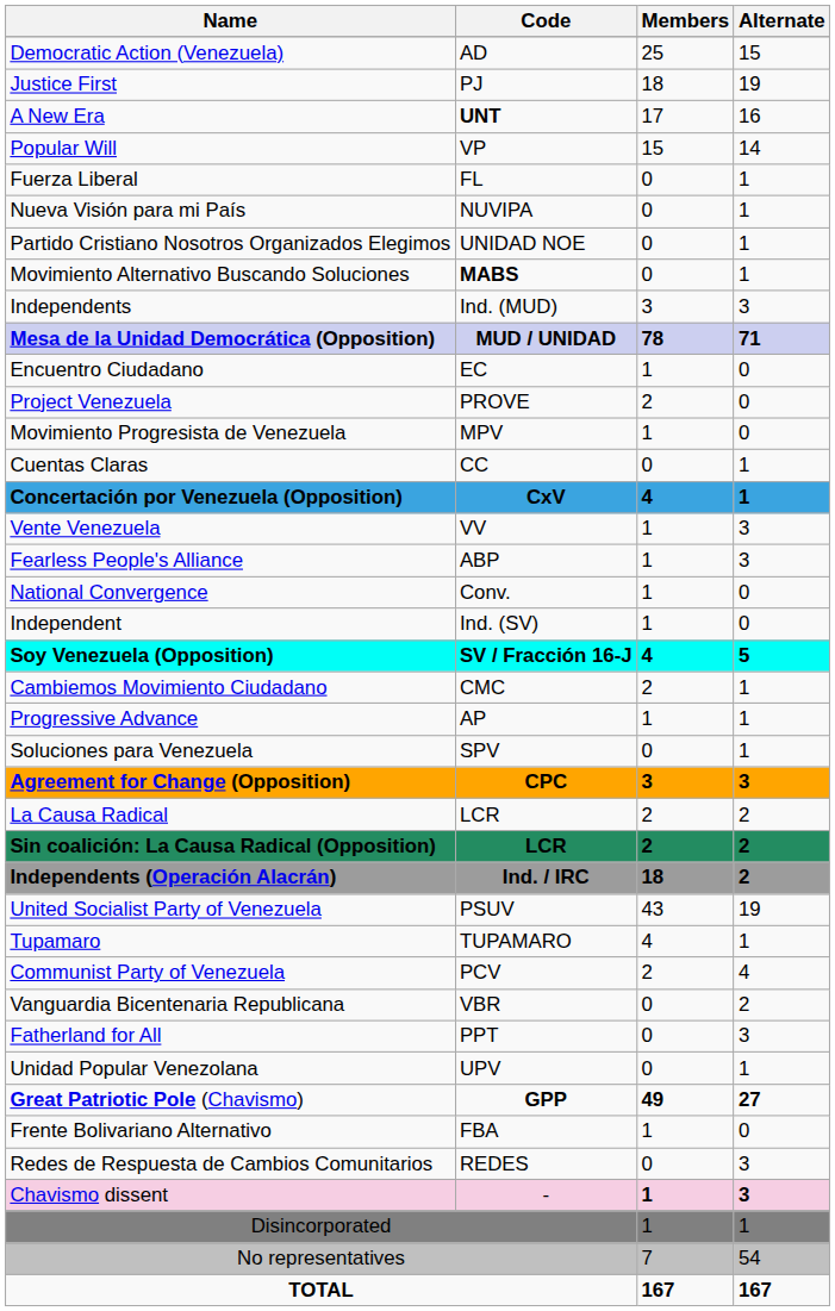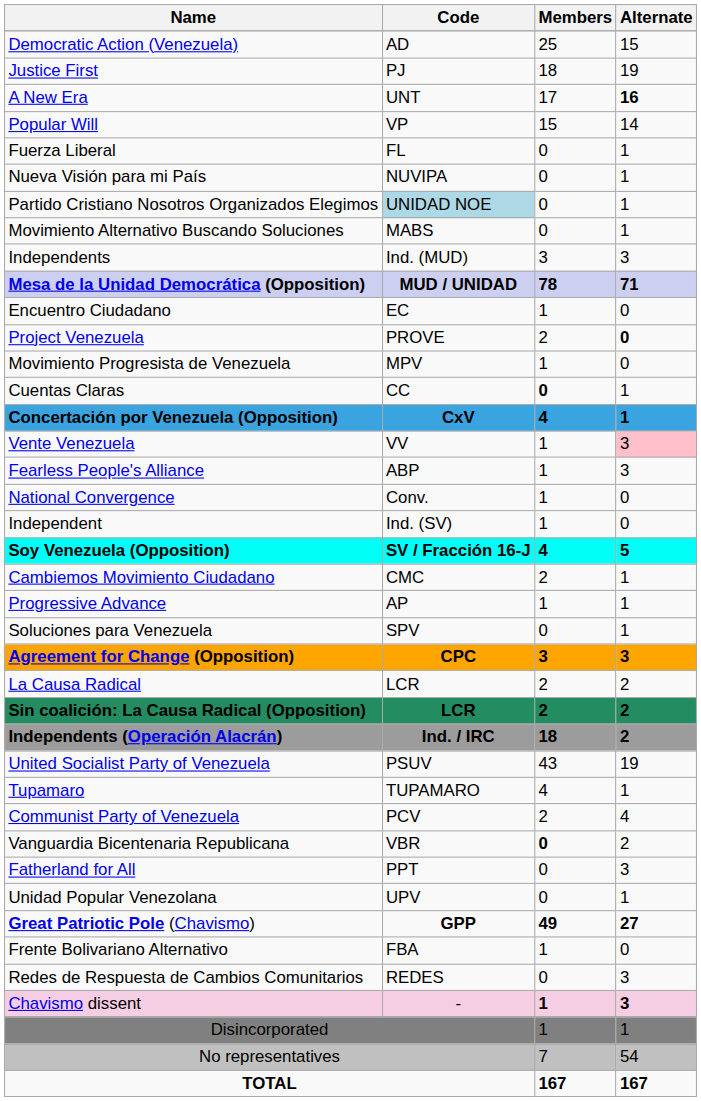 <table class="wikitable">
 <tr>
 <th>Name</th>
 <th>Code</th>
 <th>Members</th>
 <th>Alternate</th>
 </tr>
 <tr>
 </tr>
 <tr>
 <td><a href='#'>Democratic Action (Venezuela)</a></td>
 <td>AD</td>
 <td>25</td>
 <td>15</td>
 </tr>
 <tr>
 <td><a href='#'>Justice First</a></td>
 <td>PJ</td>
 <td>18</td>
 <td>19</td>
 </tr>
 <tr>
 <td><a href='#'>A New Era</a></td>
-<td><strong>UNT</strong></td>
+<td>UNT</td>
 <td>17</td>
-<td>16</td>
+<td><strong>16</strong></td>
 </tr>
 <tr>
 <td><a href='#'>Popular Will</a></td>
 <td>VP</td>
 <td>15</td>
 <td>14</td>
 </tr>
 <tr>
 <td>Fuerza Liberal</td>
 <td>FL</td>
 <td>0</td>
 <td>1</td>
 </tr>
 <tr>
 <td>Nueva Visión para mi País</td>
 <td>NUVIPA</td>
 <td>0</td>
 <td>1</td>
 </tr>
 <tr>
 <td>Partido Cristiano Nosotros Organizados Elegimos</td>
-<td>UNIDAD NOE</td>
+<td style="background: lightblue;">UNIDAD NOE</td>
 <td>0</td>
 <td>1</td>
 </tr>
 <tr>
 <td>Movimiento Alternativo Buscando Soluciones</td>
-<td><strong>MABS</strong></td>
+<td>MABS</td>
 <td>0</td>
 <td>1</td>
 </tr>
 <tr>
 <td>Independents</td>
 <td>Ind. (MUD)</td>
 <td>3</td>
 <td>3</td>
 </tr>
 <tr bgcolor=#cccff>
 <td><strong><a href='#'>Mesa de la Unidad Democrática</a></strong>  <strong>(Opposition)</strong></td>
 <td align="center"><strong>MUD / UNIDAD</strong></td>
 <td><strong>78</strong></td>
 <td><strong>71</strong></td>
 </tr>
 <tr>
 <td>Encuentro Ciudadano</td>
 <td>EC</td>
 <td>1</td>
 <td>0</td>
 </tr>
 <tr>
 <td><a href='#'>Project Venezuela</a></td>
 <td>PROVE</td>
 <td>2</td>
-<td>0</td>
+<td><strong>0</strong></td>
 </tr>
 <tr>
 <td>Movimiento Progresista de Venezuela</td>
 <td>MPV</td>
 <td>1</td>
 <td>0</td>
 </tr>
 <tr>
 <td>Cuentas Claras</td>
 <td>CC</td>
-<td>0</td>
+<td><strong>0</strong></td>
 <td>1</td>
 </tr>
 <tr bgcolor="#3AA4E0">
 <td><strong>Concertación por Venezuela (Opposition)</strong></td>
 <td align="center"><strong>CxV</strong></td>
 <td><strong>4</strong></td>
 <td><strong>1</strong></td>
 </tr>
 <tr>
 <td><a href='#'>Vente Venezuela</a></td>
 <td>VV</td>
 <td>1</td>
-<td>3</td>
+<td style="background: pink;">3</td>
 </tr>
 <tr>
 <td><a href='#'>Fearless People's Alliance</a></td>
 <td>ABP</td>
 <td>1</td>
 <td>3</td>
 </tr>
 <tr>
 <td><a href='#'>National Convergence</a></td>
 <td>Conv.</td>
 <td>1</td>
 <td>0</td>
 </tr>
 <tr>
 <td>Independent</td>
 <td>Ind. (SV)</td>
 <td>1</td>
 <td>0</td>
 </tr>
 <tr bgcolor="#00FFF7">
 <td><strong>Soy Venezuela (Opposition)</strong></td>
 <td align="center"><strong>SV / Fracción 16-J </strong></td>
 <td><strong>4</strong></td>
 <td><strong>5</strong></td>
 </tr>
 <tr>
 <td><a href='#'>Cambiemos Movimiento Ciudadano</a></td>
 <td>CMC</td>
 <td>2</td>
 <td>1</td>
 </tr>
 <tr>
 <td><a href='#'>Progressive Advance</a></td>
 <td>AP</td>
 <td>1</td>
 <td>1</td>
 </tr>
 <tr>
 <td>Soluciones para Venezuela</td>
 <td>SPV</td>
 <td>0</td>
 <td>1</td>
 </tr>
 <tr bgcolor="#FFA500">
 <td><strong><a href='#'>Agreement for Change</a> (Opposition)</strong></td>
 <td align="center"><strong>CPC</strong></td>
 <td><strong>3</strong></td>
 <td><strong>3</strong></td>
 </tr>
 <tr>
 <td><a href='#'>La Causa Radical</a></td>
 <td>LCR</td>
 <td>2</td>
 <td>2</td>
 </tr>
 <tr bgcolor="#238C61">
 <td><strong>Sin coalición: La Causa Radical (Opposition)</strong></td>
 <td align="center"><strong>LCR</strong></td>
 <td><strong>2</strong></td>
 <td><strong>2</strong></td>
 </tr>
 <tr bgcolor="#9c9c9c">
 <td><strong>Independents  (<a href='#'>Operación Alacrán</a>)</strong></td>
 <td align="center"><strong> Ind. / IRC</strong></td>
 <td><strong>18</strong></td>
 <td><strong>2</strong></td>
 </tr>
 <tr>
 <td><a href='#'>United Socialist Party of Venezuela</a></td>
 <td>PSUV</td>
 <td>43</td>
 <td>19</td>
 </tr>
 <tr>
 <td><a href='#'>Tupamaro</a></td>
 <td>TUPAMARO</td>
 <td>4</td>
 <td>1</td>
 </tr>
 <tr>
 <td><a href='#'>Communist Party of Venezuela</a></td>
 <td>PCV</td>
 <td>2</td>
 <td>4</td>
 </tr>
 <tr>
 <td>Vanguardia Bicentenaria Republicana</td>
 <td>VBR</td>
-<td>0</td>
+<td><strong>0</strong></td>
 <td>2</td>
 </tr>
 <tr>
 <td><a href='#'>Fatherland for All</a></td>
 <td>PPT</td>
 <td>0</td>
 <td>3</td>
 </tr>
 <tr>
 <td>Unidad Popular Venezolana</td>
 <td>UPV</td>
 <td>0</td>
 <td>1</td>
 </tr>
 <tr>
 <td><strong><a href='#'>Great Patriotic Pole</a></strong> (<a href='#'>Chavismo</a>)</td>
 <td align="center"><strong>GPP</strong></td>
 <td><strong>49</strong></td>
 <td><strong>27</strong></td>
 </tr>
 <tr>
 <td>Frente Bolivariano Alternativo</td>
 <td>FBA</td>
 <td>1</td>
 <td>0</td>
 </tr>
 <tr>
 <td>Redes de Respuesta de Cambios Comunitarios</td>
 <td>REDES</td>
 <td>0</td>
 <td>3</td>
 </tr>
 <tr bgcolor="#F6CEE3">
 <td><a href='#'>Chavismo</a> dissent</td>
 <td align="center">-</td>
 <td><strong>1</strong></td>
 <td><strong>3</strong></td>
 </tr>
 <tr>
 </tr>
 <tr bgcolor="#808080">
 <td colspan="2" align="center">Disincorporated</td>
 <td>1</td>
 <td>1</td>
 </tr>
 <tr>
 </tr>
 <tr bgcolor="#C0C0C0">
 <td colspan="2" align="center">No representatives</td>
 <td>7</td>
 <td>54</td>
 </tr>
 <tr>
 <td colspan="2" align="center"><strong>TOTAL</strong></td>
 <td><strong>167</strong></td>
 <td><strong>167</strong></td>
 </tr>
 </table>
